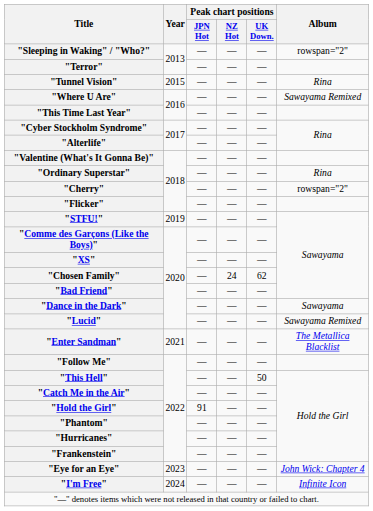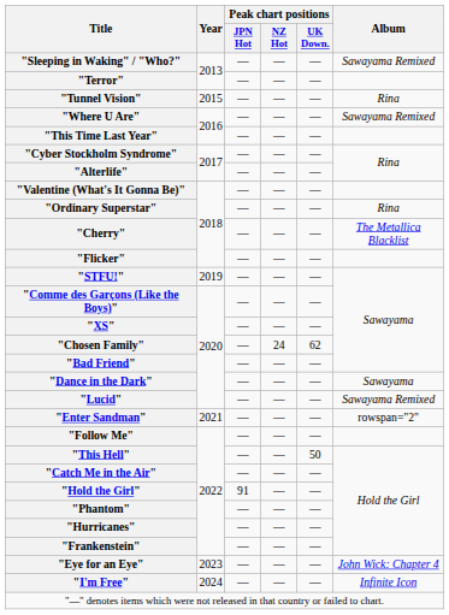 <table class="wikitable plainrowheaders" style="text-align:center">
 <tr>
 <th scope="col" rowspan="2">Title</th>
 <th scope="col" rowspan="2">Year</th>
 <th scope="col" colspan="3">Peak chart positions</th>
 <th scope="col" rowspan="2">Album</th>
 </tr>
 <tr>
 <th scope="col" style="width:3em;font-size:90%;"><a href='#'>JPN<br>Hot</a><br></th>
 <th scope="col" style="width:3em;font-size:90%;"><a href='#'>NZ<br>Hot</a><br></th>
 <th scope="col" style="width:3em;font-size:90%;"><a href='#'>UK<br>Down.</a><br></th>
 </tr>
 <tr>
 <th scope="row">"Sleeping in Waking" / "Who?"</th>
 <td rowspan="2">2013</td>
 <td>—</td>
 <td>—</td>
 <td>—</td>
-<td>rowspan="2" </td>
+<td><em>Sawayama Remixed</em></td>
 </tr>
 <tr>
 <th scope="row">"Terror"<br></th>
 <td>—</td>
 <td>—</td>
 <td>—</td>
 </tr>
 <tr>
 <th scope="row">"Tunnel Vision"<br></th>
 <td>2015</td>
 <td>—</td>
 <td>—</td>
 <td>—</td>
 <td><em>Rina</em></td>
 </tr>
 <tr>
 <th scope="row">"Where U Are"</th>
 <td rowspan="2">2016</td>
 <td>—</td>
 <td>—</td>
 <td>—</td>
 <td><em>Sawayama Remixed</em></td>
 </tr>
 <tr>
 <th scope="row">"This Time Last Year"</th>
 <td>—</td>
 <td>—</td>
 <td>—</td>
 </tr>
 <tr>
 <th scope="row">"Cyber Stockholm Syndrome"</th>
 <td rowspan="2">2017</td>
 <td>—</td>
 <td>—</td>
 <td>—</td>
 <td rowspan="2"><em>Rina</em></td>
 </tr>
 <tr>
 <th scope="row">"Alterlife"</th>
 <td>—</td>
 <td>—</td>
 <td>—</td>
 </tr>
 <tr>
 <th scope="row">"Valentine (What's It Gonna Be)"</th>
 <td rowspan="4">2018</td>
 <td>—</td>
 <td>—</td>
 <td>—</td>
 <td></td>
 </tr>
 <tr>
 <th scope="row">"Ordinary Superstar"</th>
 <td>—</td>
 <td>—</td>
 <td>—</td>
 <td><em>Rina</em></td>
 </tr>
 <tr>
 <th scope="row">"Cherry"</th>
 <td>—</td>
 <td>—</td>
 <td>—</td>
-<td>rowspan="2" </td>
+<td><em><a href='#'>The Metallica Blacklist</a></em></td>
 </tr>
 <tr>
 <th scope="row">"Flicker"</th>
 <td>—</td>
 <td>—</td>
 <td>—</td>
 </tr>
 <tr>
 <th scope="row">"<a href='#'>STFU!</a>"</th>
 <td>2019</td>
 <td>—</td>
 <td>—</td>
 <td>—</td>
 <td rowspan="5"><em>Sawayama</em></td>
 </tr>
 <tr>
 <th scope="row">"<a href='#'>Comme des Garçons (Like the Boys)</a>"<br></th>
 <td rowspan="6">2020</td>
 <td>—</td>
 <td>—</td>
 <td>—</td>
 </tr>
 <tr>
 <th scope="row">"<a href='#'>XS</a>"<br></th>
 <td>—</td>
 <td>—</td>
 <td>—</td>
 </tr>
 <tr>
 <th scope="row">"Chosen Family"<br></th>
 <td>—</td>
 <td>24</td>
 <td>62</td>
 </tr>
 <tr>
 <th scope="row">"<a href='#'>Bad Friend</a>"</th>
 <td>—</td>
 <td>—</td>
 <td>—</td>
 </tr>
 <tr>
 <th scope="row">"<a href='#'>Dance in the Dark</a>"<br></th>
 <td>—</td>
 <td>—</td>
 <td>—</td>
 <td><em>Sawayama</em></td>
 </tr>
 <tr>
 <th scope="row">"<a href='#'>Lucid</a>"</th>
 <td>—</td>
 <td>—</td>
 <td>—</td>
 <td><em>Sawayama Remixed</em></td>
 </tr>
 <tr>
 <th scope="row">"<a href='#'>Enter Sandman</a>"</th>
 <td>2021</td>
 <td>—</td>
 <td>—</td>
 <td>—</td>
-<td><em><a href='#'>The Metallica Blacklist</a></em></td>
+<td>rowspan="2" </td>
 </tr>
 <tr>
 <th scope="row">"Follow Me"<br></th>
 <td rowspan="7">2022</td>
 <td>—</td>
 <td>—</td>
 <td>—</td>
 <td></td>
 </tr>
 <tr>
 <th scope="row">"<a href='#'>This Hell</a>"</th>
 <td>—</td>
 <td>—</td>
 <td>50</td>
 <td rowspan="6"><em>Hold the Girl</em></td>
 </tr>
 <tr>
 <th scope="row">"<a href='#'>Catch Me in the Air</a>"</th>
 <td>—</td>
 <td>—</td>
 <td>—</td>
 </tr>
 <tr>
 <th scope="row">"<a href='#'>Hold the Girl</a>"</th>
 <td>91</td>
 <td>—</td>
 <td>—</td>
 </tr>
 <tr>
 <th scope="row">"Phantom"</th>
 <td>—</td>
 <td>—</td>
 <td>—</td>
 </tr>
 <tr>
 <th scope="row">"Hurricanes"</th>
 <td>—</td>
 <td>—</td>
 <td>—</td>
 </tr>
 <tr>
 <th scope="row">"Frankenstein"</th>
 <td>—</td>
 <td>—</td>
 <td>—</td>
 </tr>
 <tr>
 <th scope="row">"Eye for an Eye"</th>
 <td>2023</td>
 <td>—</td>
 <td>—</td>
 <td>—</td>
 <td><em><a href='#'>John Wick: Chapter 4</a></em></td>
 </tr>
 <tr>
 <th scope="row">"<a href='#'>I'm Free</a>"<br></th>
 <td>2024</td>
 <td>—</td>
 <td>—</td>
 <td>—</td>
 <td><em><a href='#'>Infinite Icon</a></em></td>
 </tr>
 <tr>
 <td colspan="6" style="font-size:90%;">"—" denotes items which were not released in that country or failed to chart.</td>
 </tr>
 </table>
